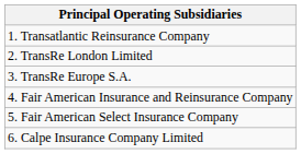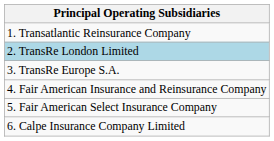 <table class="wikitable">
 <tr>
 <th>Principal Operating Subsidiaries</th>
 </tr>
 <tr>
 <td>1.	Transatlantic Reinsurance Company</td>
 </tr>
 <tr>
-<td>2.	TransRe London Limited</td>
+<td style="background: lightblue;">2.	TransRe London Limited</td>
 </tr>
 <tr>
 <td>3.	TransRe Europe S.A.</td>
 </tr>
 <tr>
 <td>4.	Fair American Insurance and Reinsurance Company</td>
 </tr>
 <tr>
 <td>5.     Fair American Select Insurance Company</td>
 </tr>
 <tr>
 <td>6.     Calpe Insurance Company Limited</td>
 </tr>
 </table>
